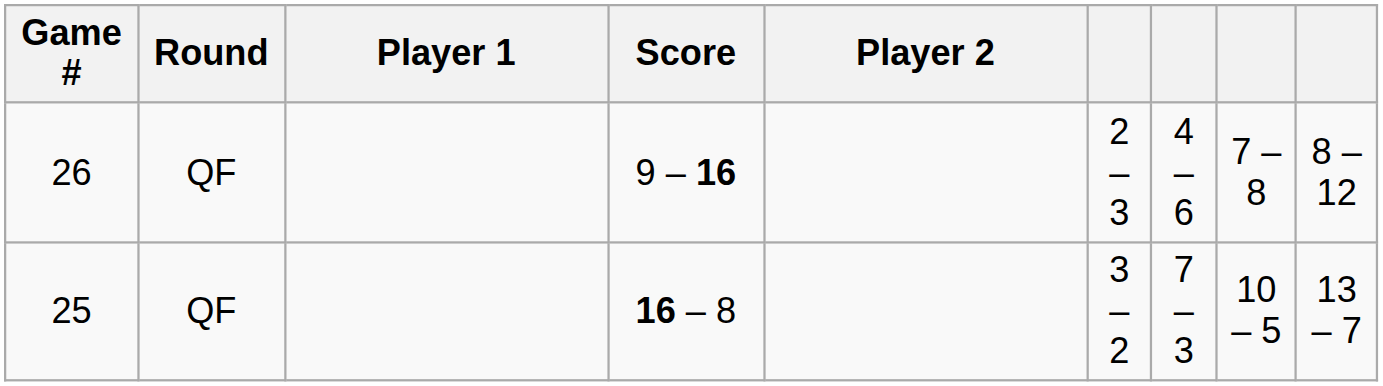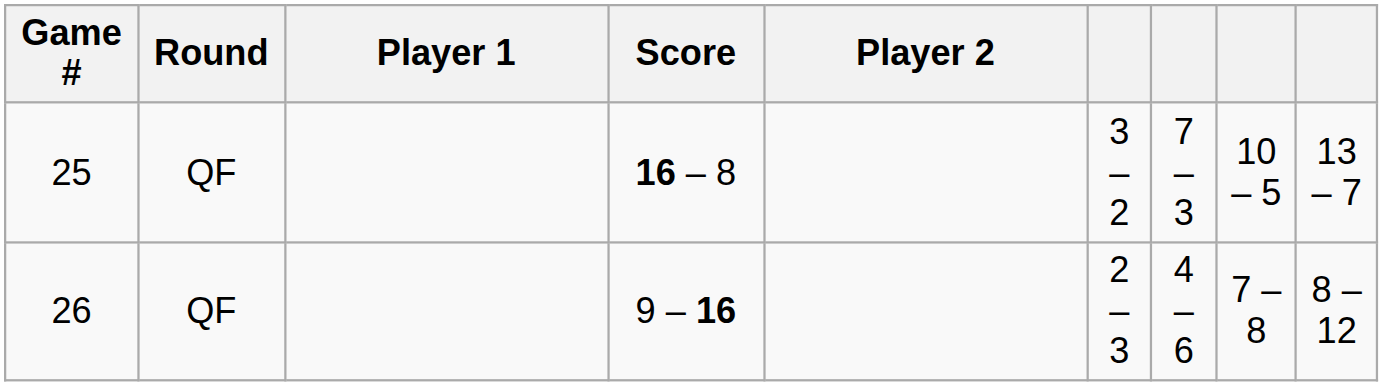 <table class="wikitable">
 <tr>
 <th width="2%">Game #</th>
 <th width="2%">Round</th>
 <th width="15%">Player 1</th>
 <th width="5%">Score</th>
 <th width="15%">Player 2</th>
 <th width="3%"></th>
 <th width="3%"></th>
 <th width="3%"></th>
 <th width="3%"></th>
 </tr>
 <tr style=text-align:center;"background:#;">
+<td>25</td>
+<td>QF</td>
+<td><strong></strong></td>
+<td><strong>16</strong> – 8</td>
+<td></td>
+<td>3 – 2</td>
+<td>7 – 3</td>
+<td>10 – 5</td>
+<td>13 – 7</td>
+</tr>
+<tr style=text-align:center;"background:#;">
 <td>26</td>
 <td>QF</td>
 <td></td>
 <td>9 – <strong>16</strong></td>
 <td><strong></strong></td>
 <td>2 – 3</td>
 <td>4 – 6</td>
 <td>7 – 8</td>
 <td>8 – 12</td>
 </tr>
-<tr style=text-align:center;"background:#;">
-<td>25</td>
-<td>QF</td>
-<td><strong></strong></td>
-<td><strong>16</strong> – 8</td>
-<td></td>
-<td>3 – 2</td>
-<td>7 – 3</td>
-<td>10 – 5</td>
-<td>13 – 7</td>
-</tr>
 </table>
